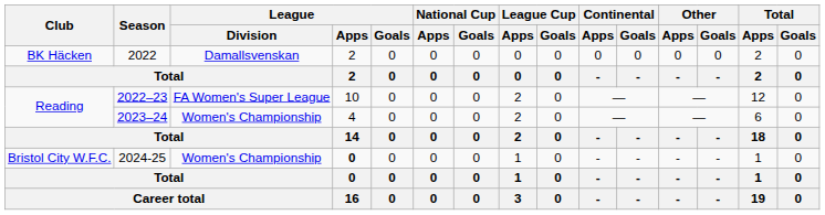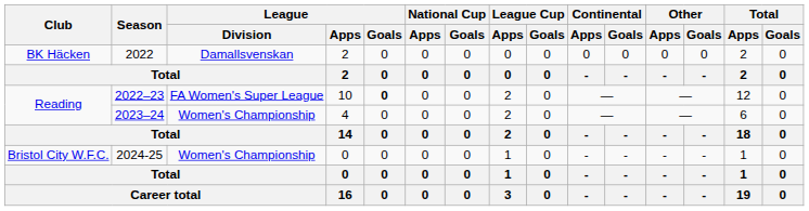 <table class="wikitable" style="text-align:center">
 <tr>
 <th rowspan="2">Club</th>
 <th rowspan="2">Season</th>
 <th colspan="3">League</th>
 <th colspan="2">National Cup</th>
 <th colspan="2">League Cup</th>
 <th colspan="2">Continental</th>
 <th colspan="2">Other</th>
 <th colspan="2">Total</th>
 </tr>
 <tr>
 <th>Division</th>
 <th>Apps</th>
 <th>Goals</th>
 <th>Apps</th>
 <th>Goals</th>
 <th>Apps</th>
 <th>Goals</th>
 <th>Apps</th>
 <th>Goals</th>
 <th>Apps</th>
 <th>Goals</th>
 <th>Apps</th>
 <th>Goals</th>
 </tr>
 <tr>
 <td><a href='#'>BK Häcken</a></td>
 <td>2022</td>
 <td><a href='#'>Damallsvenskan</a></td>
 <td>2</td>
 <td>0</td>
 <td>0</td>
 <td>0</td>
 <td>0</td>
 <td>0</td>
 <td>0</td>
 <td>0</td>
 <td>0</td>
 <td>0</td>
 <td>2</td>
 <td>0</td>
 </tr>
 <tr>
 <th colspan="3">Total</th>
 <th>2</th>
 <th>0</th>
 <th>0</th>
 <th>0</th>
 <th>0</th>
 <th>0</th>
 <th>-</th>
 <th>-</th>
 <th>-</th>
 <th>-</th>
 <th>2</th>
 <th>0</th>
 </tr>
 <tr>
 <td rowspan="2"><a href='#'>Reading</a></td>
 <td><a href='#'>2022–23</a></td>
 <td><a href='#'>FA Women's Super League</a></td>
 <td>10</td>
-<td>0</td>
+<td><strong>0</strong></td>
 <td>0</td>
 <td>0</td>
 <td>2</td>
 <td>0</td>
 <td colspan="2">—</td>
 <td colspan="2">—</td>
 <td>12</td>
 <td>0</td>
 </tr>
 <tr>
 <td><a href='#'>2023–24</a></td>
 <td><a href='#'>Women's Championship</a></td>
 <td>4</td>
 <td>0</td>
 <td>0</td>
 <td>0</td>
 <td>2</td>
 <td>0</td>
 <td colspan="2">—</td>
 <td colspan="2">—</td>
 <td>6</td>
 <td>0</td>
 </tr>
 <tr>
 <th colspan="3">Total</th>
 <th>14</th>
 <th>0</th>
 <th>0</th>
 <th>0</th>
 <th>2</th>
 <th>0</th>
 <th>-</th>
 <th>-</th>
 <th>-</th>
 <th>-</th>
 <th>18</th>
 <th>0</th>
 </tr>
 <tr>
 <td><a href='#'>Bristol City W.F.C.</a></td>
 <td>2024-25</td>
 <td><a href='#'>Women's Championship</a></td>
-<td><strong>0</strong></td>
+<td>0</td>
 <td>0</td>
 <td>0</td>
 <td>0</td>
 <td>1</td>
 <td>0</td>
 <td>-</td>
 <td>-</td>
 <td>-</td>
 <td>-</td>
 <td>1</td>
 <td>0</td>
 </tr>
 <tr>
 <th colspan="3">Total</th>
 <th>0</th>
 <th>0</th>
 <th>0</th>
 <th>0</th>
 <th>1</th>
 <th>0</th>
 <th>-</th>
 <th>-</th>
 <th>-</th>
 <th>-</th>
 <th>1</th>
 <th>0</th>
 </tr>
 <tr>
 <th colspan="3">Career total</th>
 <th>16</th>
 <th>0</th>
 <th>0</th>
 <th>0</th>
 <th>3</th>
 <th>0</th>
 <th>-</th>
 <th>-</th>
 <th>-</th>
 <th>-</th>
 <th>19</th>
 <th>0</th>
 </tr>
 </table>
